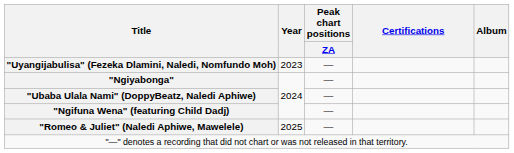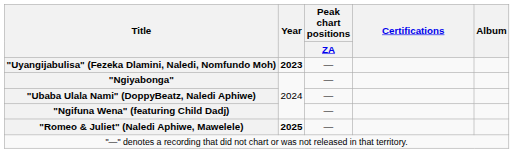 <table class="wikitable plainrowheaders" style="text-align:center;">
 <tr>
 <th scope="col" rowspan="2">Title</th>
 <th scope="col" rowspan="2">Year</th>
 <th scope="col" colspan="1">Peak chart positions</th>
 <th scope="col" rowspan="2" style="width:12em;"><a href='#'>Certifications</a></th>
 <th scope="col" rowspan="2">Album</th>
 </tr>
 <tr>
 <th scope="col" style="width:3em;font-size:100%;"><a href='#'>ZA</a><br></th>
 </tr>
 <tr>
 <th scope="row">"Uyangijabulisa" (Fezeka Dlamini, Naledi, Nomfundo Moh)</th>
-<td>2023</td>
+<td><strong>2023</strong></td>
 <td>—</td>
 <td></td>
 <td></td>
 </tr>
 <tr>
 <th scope="row">"Ngiyabonga"</th>
 <td rowspan=3>2024</td>
 <td>—</td>
 <td></td>
 <td></td>
 </tr>
 <tr>
 <th scope="row">"Ubaba Ulala Nami" (DoppyBeatz, Naledi Aphiwe)</th>
 <td>—</td>
 <td></td>
 <td></td>
 </tr>
 <tr>
 <th scope="row">"Ngifuna Wena" (featuring Child Dadj)</th>
 <td>—</td>
 <td></td>
 <td></td>
 </tr>
 <tr>
 <th scope="row">"Romeo & Juliet" (Naledi Aphiwe, Mawelele)</th>
-<td>2025</td>
+<td><strong>2025</strong></td>
 <td>—</td>
 <td></td>
 <td></td>
 </tr>
 <tr>
 <td colspan="8" style="font-size:90%">"—" denotes a recording that did not chart or was not released in that territory.</td>
 </tr>
 </table>
